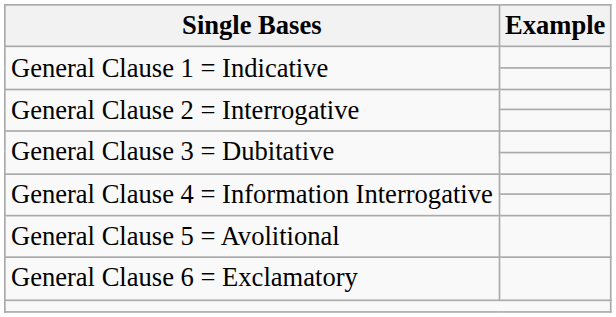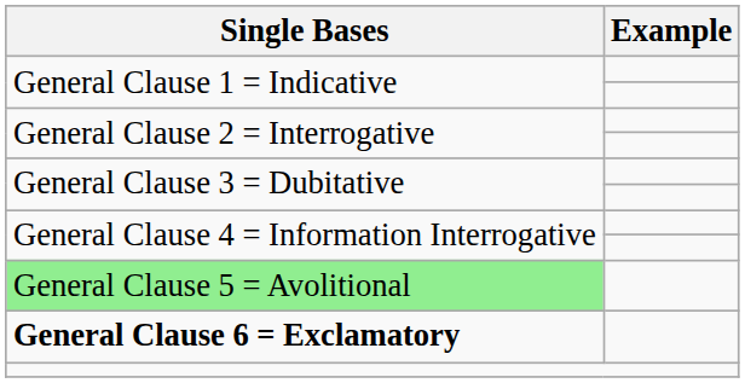 <table class="wikitable">
 <tr>
 <th>Single Bases</th>
 <th>Example</th>
 </tr>
 <tr>
 <td rowspan="2">General Clause 1 = Indicative</td>
 <td></td>
 </tr>
 <tr>
 <td></td>
 </tr>
 <tr>
 <td rowspan="2">General Clause 2 = Interrogative</td>
 <td></td>
 </tr>
 <tr>
 <td></td>
 </tr>
 <tr>
 <td rowspan="2">General Clause 3 = Dubitative</td>
 <td></td>
 </tr>
 <tr>
 <td></td>
 </tr>
 <tr>
 <td rowspan="2">General Clause 4 = Information Interrogative</td>
 <td></td>
 </tr>
 <tr>
 <td></td>
 </tr>
 <tr>
-<td>General Clause 5 = Avolitional</td>
+<td style="background: lightgreen;">General Clause 5 = Avolitional</td>
 <td><br></td>
 </tr>
 <tr>
-<td>General Clause 6 = Exclamatory</td>
+<td><strong>General Clause 6 = Exclamatory</strong></td>
 <td><br></td>
 </tr>
 <tr>
 <td colspan="2"></td>
 </tr>
 </table>
